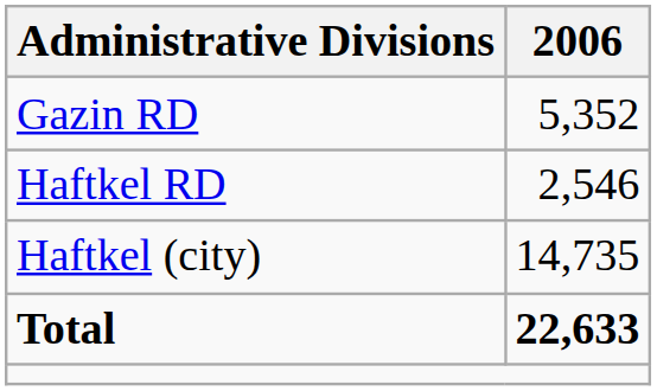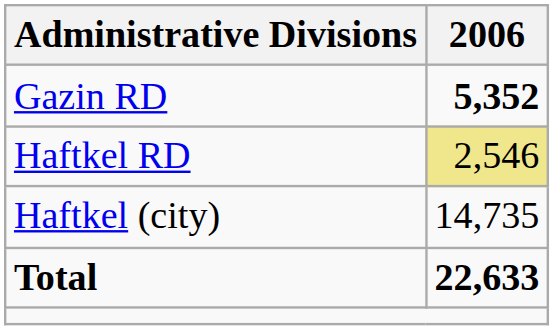 <table class="wikitable">
 <tr>
 <th>Administrative Divisions</th>
 <th>2006</th>
 </tr>
 <tr>
 <td><a href='#'>Gazin RD</a></td>
-<td style="text-align: right;">5,352</td>
+<td style="text-align: right;"><strong>5,352</strong></td>
 </tr>
 <tr>
 <td><a href='#'>Haftkel RD</a></td>
-<td style="text-align: right;">2,546</td>
+<td style="background: khaki; text-align: right;">2,546</td>
 </tr>
 <tr>
 <td><a href='#'>Haftkel</a> (city)</td>
 <td style="text-align: right;">14,735</td>
 </tr>
 <tr>
 <td><strong>Total</strong></td>
 <td style="text-align: right;"><strong>22,633</strong></td>
 </tr>
 <tr>
 <td colspan=4></td>
 </tr>
 </table>
